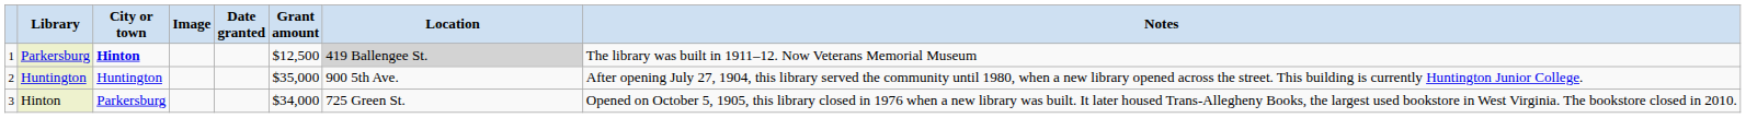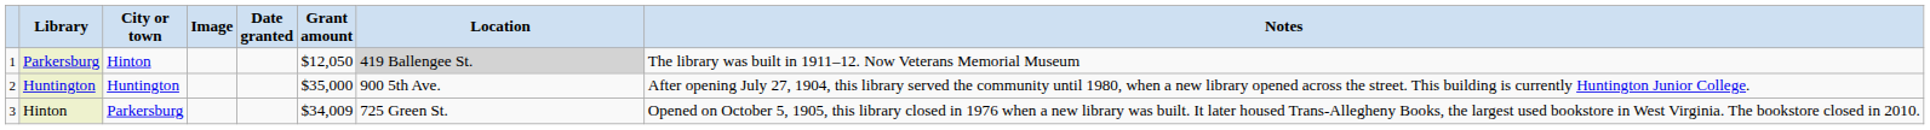 <table class="wikitable sortable" align="center">
 <tr>
 <th style="background-color:#CEE0F2;"></th>
 <th style="background-color:#CEE0F2;"><strong>Library</strong></th>
 <th style="background-color:#CEE0F2;"><strong>City or<br>town</strong></th>
 <th style="background-color:#CEE0F2;" class="unsortable"><strong>Image</strong></th>
 <th style="background-color:#CEE0F2;"><strong>Date<br>granted</strong></th>
 <th style="background-color:#CEE0F2;"><strong>Grant<br>amount</strong></th>
 <th style="background-color:#CEE0F2;" width=15%><strong>Location</strong></th>
 <th style="background-color:#CEE0F2;"><strong>Notes</strong></th>
 </tr>
 <tr ->
 <td><small>1</small></td>
 <td style=background-color:#EEF2CE;><a href='#'>Parkersburg</a></td>
-<td><strong><a href='#'>Hinton</a></strong></td>
+<td><a href='#'>Hinton</a></td>
 <td></td>
 <td></td>
-<td align=right>$12,500</td>
+<td align=right>$12,050</td>
 <td style="background: lightgrey;">419 Ballengee St.<br><small></small></td>
 <td>The library was built in 1911–12. Now Veterans Memorial Museum</td>
 </tr>
 <tr ->
 <td><small>2</small></td>
 <td style=background-color:#EEF2CE;><a href='#'>Huntington</a></td>
 <td><a href='#'>Huntington</a></td>
 <td></td>
 <td></td>
 <td align=right>$35,000</td>
 <td>900 5th Ave.<br><small></small></td>
 <td>After opening July 27, 1904, this library served the community until 1980, when a new library opened across the street. This building is currently <a href='#'>Huntington Junior College</a>.</td>
 </tr>
 <tr ->
 <td><small>3</small></td>
 <td style=background-color:#EEF2CE;>Hinton</td>
 <td><a href='#'>Parkersburg</a></td>
 <td></td>
 <td></td>
-<td align=right>$34,000</td>
+<td align=right>$34,009</td>
 <td>725 Green St.<br><small></small></td>
 <td>Opened on October 5, 1905, this library closed in 1976 when a new library was built. It later housed Trans-Allegheny Books, the largest used bookstore in West Virginia. The bookstore closed in 2010.</td>
 </tr>
 </table>
